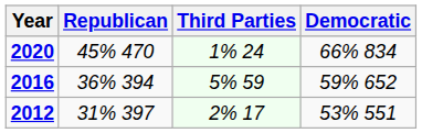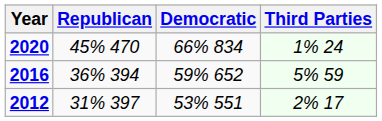 <table class="wikitable" style="float:right; font-size:95%;">
 <tr bgcolor=lightgrey>
 <th>Year</th>
 <th><a href='#'>Republican</a></th>
+<th><a href='#'>Democratic</a></th>
 <th><a href='#'>Third Parties</a></th>
-<th><a href='#'>Democratic</a></th>
 </tr>
 <tr>
 <td style="text-align:center; "><strong><a href='#'>2020</a></strong></td>
 <td style="text-align:center; "><em>45%</em> <em>470</em></td>
+<td style="text-align:center; "><em>66%</em> <em>834</em></td>
 <td style="text-align:center; background:honeyDew;"><em>1%</em> <em>24</em></td>
-<td style="text-align:center; "><em>66%</em> <em>834</em></td>
 </tr>
 <tr>
 <td style="text-align:center; "><strong><a href='#'>2016</a></strong></td>
 <td style="text-align:center; "><em>36%</em> <em>394</em></td>
+<td style="text-align:center; "><em>59%</em> <em>652</em></td>
 <td style="text-align:center; background:honeyDew;"><em>5%</em> <em>59</em></td>
-<td style="text-align:center; "><em>59%</em> <em>652</em></td>
 </tr>
 <tr>
 <td style="text-align:center; "><strong><a href='#'>2012</a></strong></td>
 <td style="text-align:center; "><em>31%</em> <em>397</em></td>
+<td style="text-align:center; "><em>53%</em> <em>551</em></td>
 <td style="text-align:center; background:honeyDew;"><em>2%</em> <em>17</em></td>
-<td style="text-align:center; "><em>53%</em> <em>551</em></td>
 </tr>
 </table>
